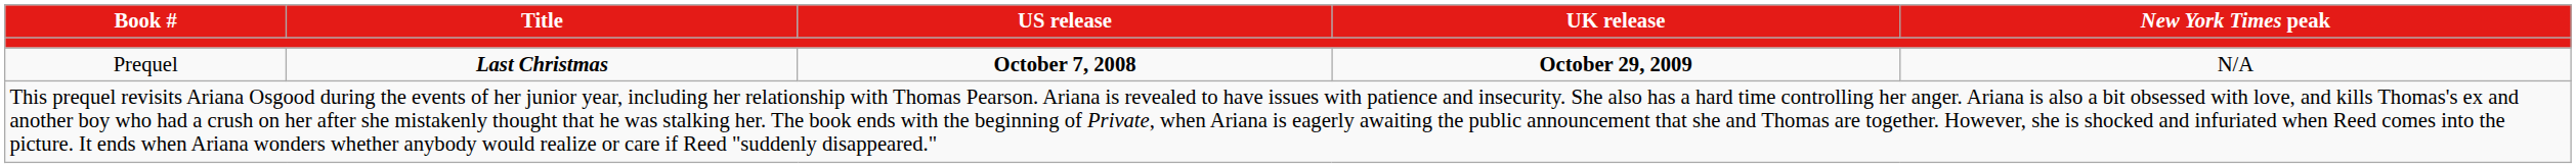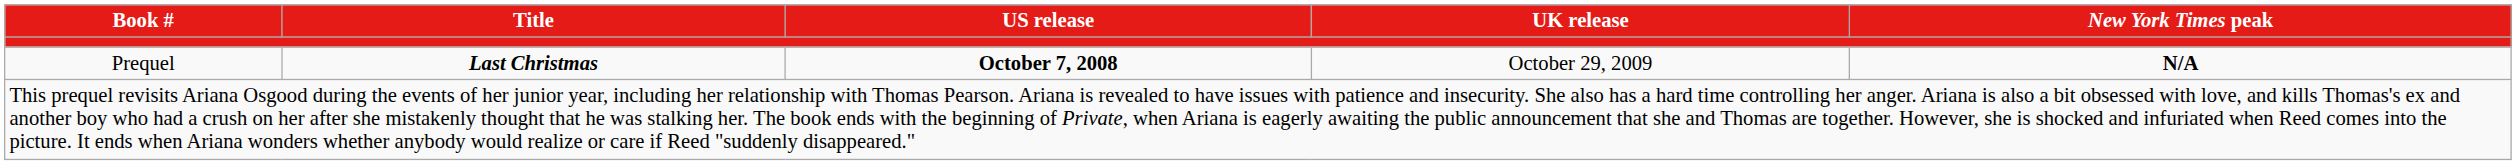 <table class="wikitable" style="width:98%; background-color:#FFFFF">
 <tr style="color:white">
 <th style="background-color: #E41B17;">Book #</th>
 <th style="background-color: #E41B17;">Title</th>
 <th style="background-color: #E41B17;">US release</th>
 <th style="background-color: #E41B17;">UK release</th>
 <th style="background-color: #E41B17;"><em>New York Times</em> peak</th>
 </tr>
 <tr>
 <td colspan="6" bgcolor="#E41B17"></td>
 </tr>
 <tr>
 <td align="center">Prequel</td>
 <td align="center"><strong><em>Last Christmas</em></strong></td>
 <td align="center"><strong>October 7, 2008</strong></td>
-<td align="center"><strong>October 29, 2009</strong></td>
-<td align="center">N/A</td>
+<td align="center">October 29, 2009</td>
+<td align="center"><strong>N/A</strong></td>
 </tr>
 <tr>
 <td colspan="6">This prequel revisits Ariana Osgood during the events of her junior year, including her relationship with Thomas Pearson. Ariana is revealed to have issues with patience and insecurity. She also has a hard time controlling her anger. Ariana is also a bit obsessed with love, and kills Thomas's ex and another boy who had a crush on her after she mistakenly thought that he was stalking her. The book ends with the beginning of <em>Private</em>, when Ariana is eagerly awaiting the public announcement that she and Thomas are together. However, she is shocked and infuriated when Reed comes into the picture. It ends when Ariana wonders whether anybody would realize or care if Reed "suddenly disappeared."</td>
 </tr>
 </table>
